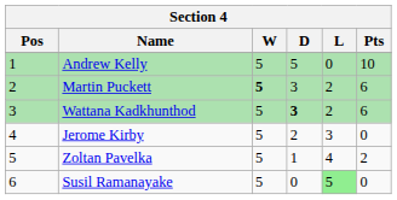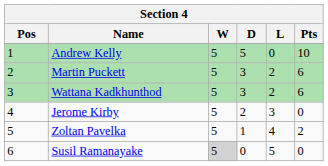 <table class="wikitable">
 <tr>
 <th colspan="6">Section 4</th>
 </tr>
 <tr>
 <th width=50>Pos</th>
 <th width=200>Name</th>
 <th width=30>W</th>
 <th width=30>D</th>
 <th width=30>L</th>
 <th width=30>Pts</th>
 </tr>
 <tr>
 </tr>
 <tr style="background:#ACE1AF;">
 <td>1</td>
 <td> <a href='#'>Andrew Kelly</a></td>
 <td>5</td>
 <td>5</td>
 <td>0</td>
 <td>10</td>
 </tr>
 <tr style="background:#ACE1AF;">
 <td>2</td>
 <td> <a href='#'>Martin Puckett</a></td>
-<td><strong>5</strong></td>
+<td>5</td>
 <td>3</td>
 <td>2</td>
 <td>6</td>
 </tr>
 <tr style="background:#ACE1AF;">
 <td>3</td>
 <td> <a href='#'>Wattana Kadkhunthod</a></td>
 <td>5</td>
-<td><strong>3</strong></td>
+<td>3</td>
 <td>2</td>
 <td>6</td>
 </tr>
 <tr>
 <td>4</td>
 <td> <a href='#'>Jerome Kirby</a></td>
 <td>5</td>
 <td>2</td>
 <td>3</td>
 <td>0</td>
 </tr>
 <tr>
 <td>5</td>
 <td> <a href='#'>Zoltan Pavelka</a></td>
 <td>5</td>
 <td>1</td>
 <td>4</td>
 <td>2</td>
 </tr>
 <tr>
 <td>6</td>
 <td> <a href='#'>Susil Ramanayake</a></td>
+<td style="background: lightgrey;">5</td>
+<td>0</td>
 <td>5</td>
-<td>0</td>
-<td style="background: lightgreen;">5</td>
 <td>0</td>
 </tr>
 </table>
